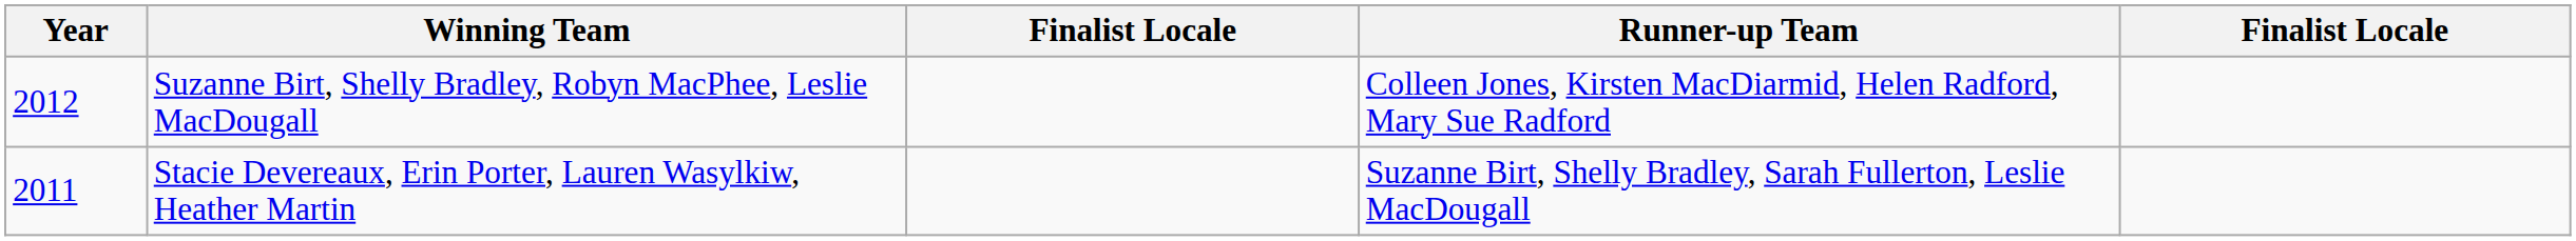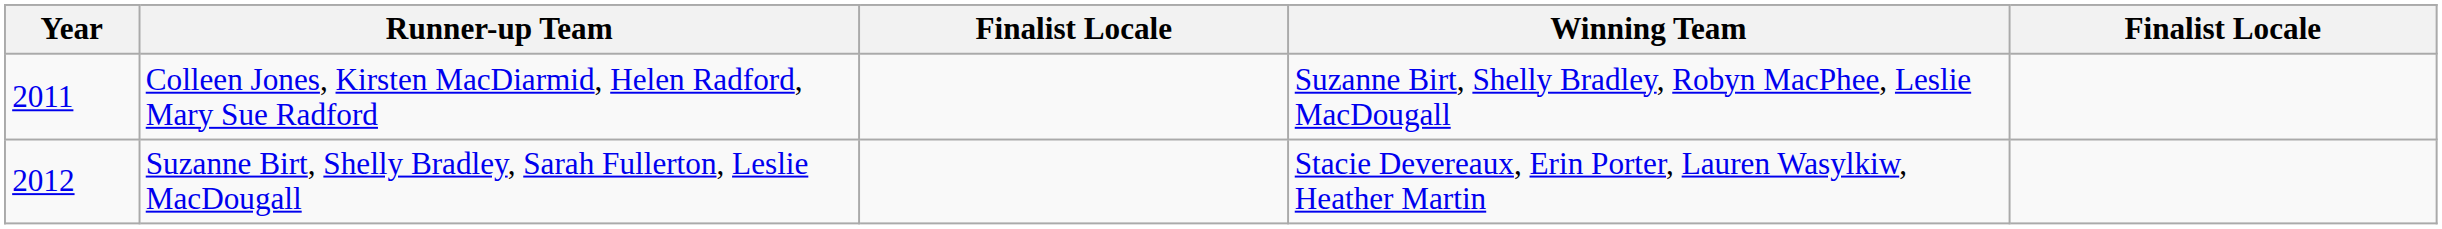 <table class="wikitable">
 <tr>
 <th width="5%">Year</th>
+<th width="27%">Runner-up Team</th>
+<th width="16%">Finalist Locale</th>
 <th width="27%">Winning Team</th>
-<th width="16%">Finalist Locale</th>
-<th width="27%">Runner-up Team</th>
 <th width="16%">Finalist Locale</th>
 </tr>
 <tr>
-<td><a href='#'>2012</a></td>
+<td><a href='#'>2011</a></td>
+<td><a href='#'>Colleen Jones</a>, <a href='#'>Kirsten MacDiarmid</a>, <a href='#'>Helen Radford</a>, <a href='#'>Mary Sue Radford</a></td>
+<td></td>
 <td><a href='#'>Suzanne Birt</a>, <a href='#'>Shelly Bradley</a>, <a href='#'>Robyn MacPhee</a>, <a href='#'>Leslie MacDougall</a></td>
-<td></td>
-<td><a href='#'>Colleen Jones</a>, <a href='#'>Kirsten MacDiarmid</a>, <a href='#'>Helen Radford</a>, <a href='#'>Mary Sue Radford</a></td>
 <td></td>
 </tr>
 <tr>
-<td><a href='#'>2011</a></td>
+<td><a href='#'>2012</a></td>
+<td><a href='#'>Suzanne Birt</a>, <a href='#'>Shelly Bradley</a>, <a href='#'>Sarah Fullerton</a>, <a href='#'>Leslie MacDougall</a></td>
+<td></td>
 <td><a href='#'>Stacie Devereaux</a>, <a href='#'>Erin Porter</a>, <a href='#'>Lauren Wasylkiw</a>, <a href='#'>Heather Martin</a></td>
-<td></td>
-<td><a href='#'>Suzanne Birt</a>, <a href='#'>Shelly Bradley</a>, <a href='#'>Sarah Fullerton</a>, <a href='#'>Leslie MacDougall</a></td>
 <td></td>
 </tr>
 </table>
